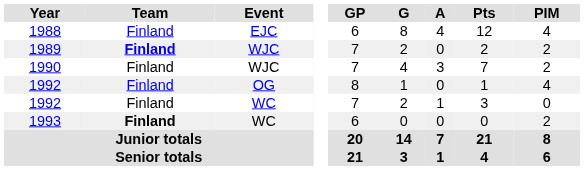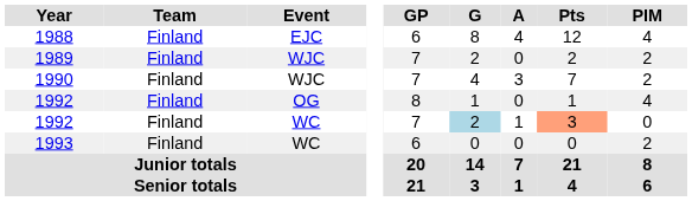 <table border="0" cellpadding="1" cellspacing="0" style="text-align:center; width:40em">
 <tr ALIGN="center" bgcolor="#e0e0e0">
 <th>Year</th>
 <th>Team</th>
 <th>Event</th>
 <th rowspan="99" bgcolor="#ffffff"> </th>
 <th>GP</th>
 <th>G</th>
 <th>A</th>
 <th>Pts</th>
 <th>PIM</th>
 </tr>
 <tr>
 <td><a href='#'>1988</a></td>
 <td><a href='#'>Finland</a></td>
 <td><a href='#'>EJC</a></td>
 <td>6</td>
 <td>8</td>
 <td>4</td>
 <td>12</td>
 <td>4</td>
 </tr>
 <tr bgcolor="#f0f0f0">
 <td><a href='#'>1989</a></td>
-<td><strong><a href='#'>Finland</a></strong></td>
+<td><a href='#'>Finland</a></td>
 <td><a href='#'>WJC</a></td>
 <td>7</td>
 <td>2</td>
 <td>0</td>
 <td>2</td>
 <td>2</td>
 </tr>
 <tr>
 <td><a href='#'>1990</a></td>
 <td>Finland</td>
 <td>WJC</td>
 <td>7</td>
 <td>4</td>
 <td>3</td>
 <td>7</td>
 <td>2</td>
 </tr>
 <tr bgcolor="#f0f0f0">
 <td><a href='#'>1992</a></td>
 <td><a href='#'>Finland</a></td>
 <td><a href='#'>OG</a></td>
 <td>8</td>
 <td>1</td>
 <td>0</td>
 <td>1</td>
 <td>4</td>
 </tr>
 <tr>
 <td><a href='#'>1992</a></td>
 <td>Finland</td>
 <td><a href='#'>WC</a></td>
 <td>7</td>
-<td>2</td>
+<td style="background: lightblue;">2</td>
 <td>1</td>
-<td>3</td>
+<td style="background: lightsalmon;">3</td>
 <td>0</td>
 </tr>
 <tr bgcolor="#f0f0f0">
 <td><a href='#'>1993</a></td>
-<td><strong>Finland</strong></td>
+<td>Finland</td>
 <td>WC</td>
 <td>6</td>
 <td>0</td>
 <td>0</td>
 <td>0</td>
 <td>2</td>
 </tr>
 <tr bgcolor="#e0e0e0">
 <th colspan=3>Junior totals</th>
 <th>20</th>
 <th>14</th>
 <th>7</th>
 <th>21</th>
 <th>8</th>
 </tr>
 <tr bgcolor="#e0e0e0">
 <th colspan=3>Senior totals</th>
 <th>21</th>
 <th>3</th>
 <th>1</th>
 <th>4</th>
 <th>6</th>
 </tr>
 </table>
